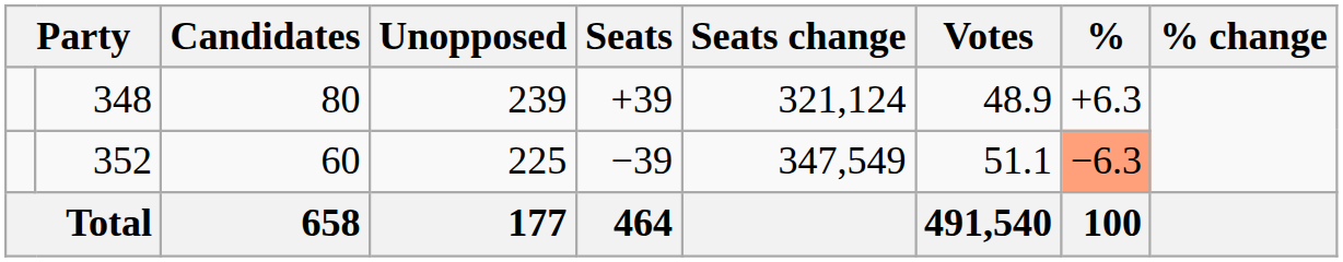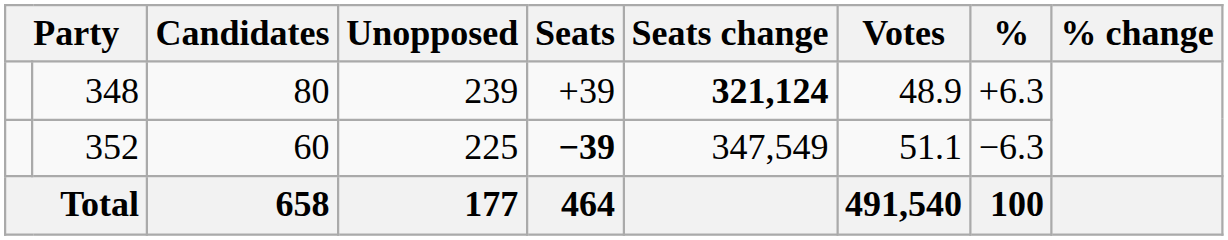 <table class="wikitable sortable">
 <tr>
 <th colspan=2>Party</th>
 <th>Candidates</th>
 <th>Unopposed</th>
 <th>Seats</th>
 <th>Seats change</th>
 <th>Votes</th>
 <th>%</th>
 <th>% change</th>
 </tr>
 <tr>
 <td></td>
 <td align=right>348</td>
 <td align=right>80</td>
 <td align=right>239</td>
 <td align=right>+39</td>
-<td align=right>321,124</td>
+<td align=right><strong>321,124</strong></td>
 <td align=right>48.9</td>
 <td align=right>+6.3</td>
 </tr>
 <tr>
 <td></td>
 <td align=right>352</td>
 <td align=right>60</td>
 <td align=right>225</td>
-<td align=right>−39</td>
+<td align=right><strong>−39</strong></td>
 <td align=right>347,549</td>
 <td align=right>51.1</td>
-<td align=right style="background: lightsalmon;">−6.3</td>
+<td align=right>−6.3</td>
 </tr>
 <tr class="sortbottom" style="font-weight: bold; text-align: right; background: #f2f2f2;">
 <th colspan="2" style="padding-left: 1.5em; text-align: left;">Total</th>
 <td align=right>658</td>
 <td align=right>177</td>
 <td align=right>464</td>
 <td align=right></td>
 <td align=right>491,540</td>
 <td align=right>100</td>
 <td align=right></td>
 </tr>
 </table>
